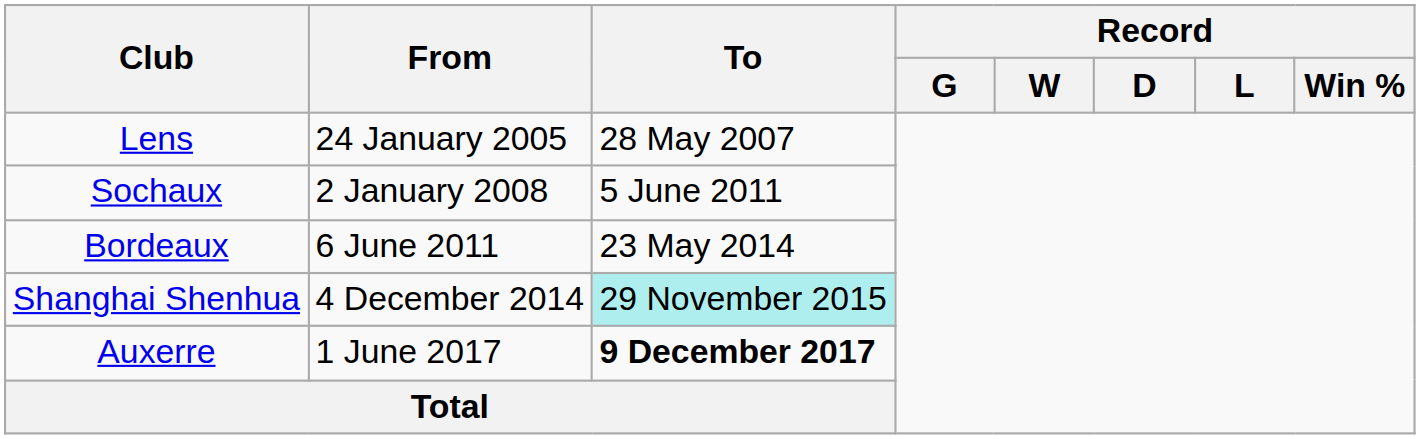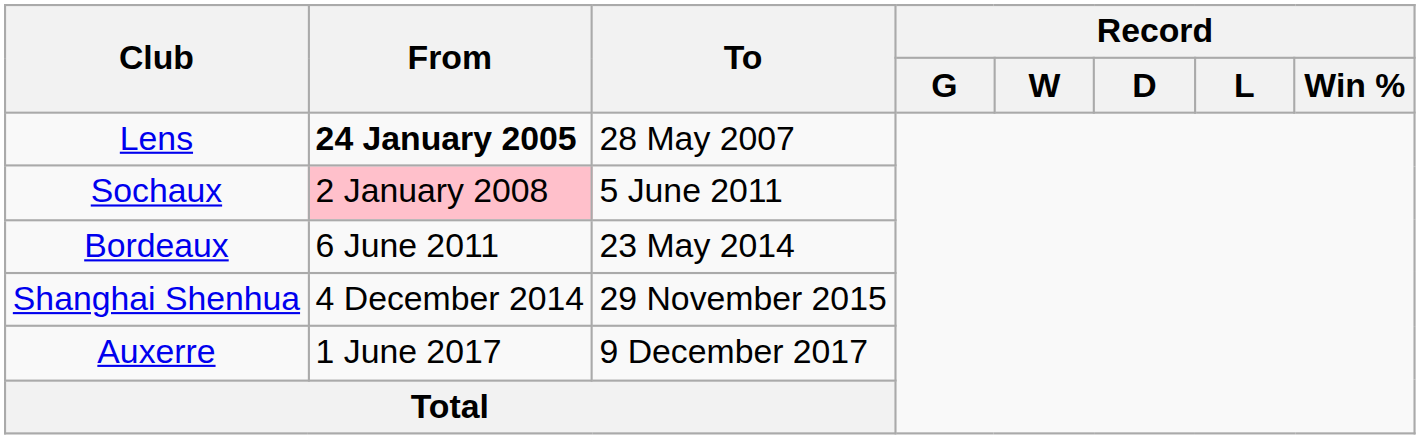 <table class="wikitable" style="text-align: center">
 <tr>
 <th rowspan=2>Club</th>
 <th rowspan=2>From</th>
 <th rowspan=2>To</th>
 <th colspan=7>Record</th>
 </tr>
 <tr>
 <th width=40>G</th>
 <th width=40>W</th>
 <th width=40>D</th>
 <th width=40>L</th>
 <th width=50>Win %</th>
 </tr>
 <tr>
 <td><a href='#'>Lens</a></td>
-<td align=left>24 January 2005</td>
+<td align=left><strong>24 January 2005</strong></td>
 <td align=left>28 May 2007<br></td>
 </tr>
 <tr>
 <td><a href='#'>Sochaux</a></td>
-<td align=left>2 January 2008</td>
+<td align=left style="background: pink;">2 January 2008</td>
 <td align=left>5 June 2011<br></td>
 </tr>
 <tr>
 <td><a href='#'>Bordeaux</a></td>
 <td align=left>6 June 2011</td>
 <td align=left>23 May 2014<br></td>
 </tr>
 <tr>
 <td><a href='#'>Shanghai Shenhua</a></td>
 <td align=left>4 December 2014</td>
-<td align=left style="background: paleturquoise;">29 November 2015<br></td>
+<td align=left>29 November 2015<br></td>
 </tr>
 <tr>
 <td><a href='#'>Auxerre</a></td>
 <td align=left>1 June 2017</td>
-<td align=left><strong>9 December 2017<br></strong></td>
+<td align=left>9 December 2017<br></td>
 </tr>
 <tr>
 <th colspan="3">Total<br></th>
 </tr>
 </table>
